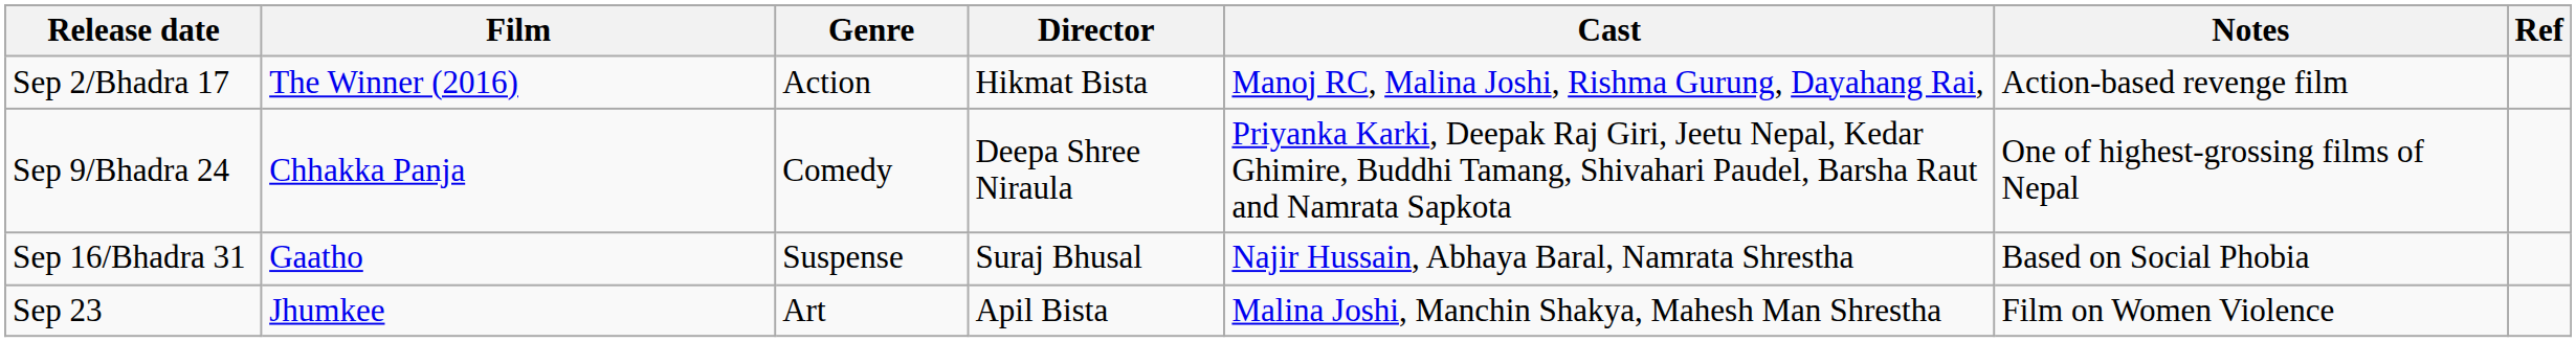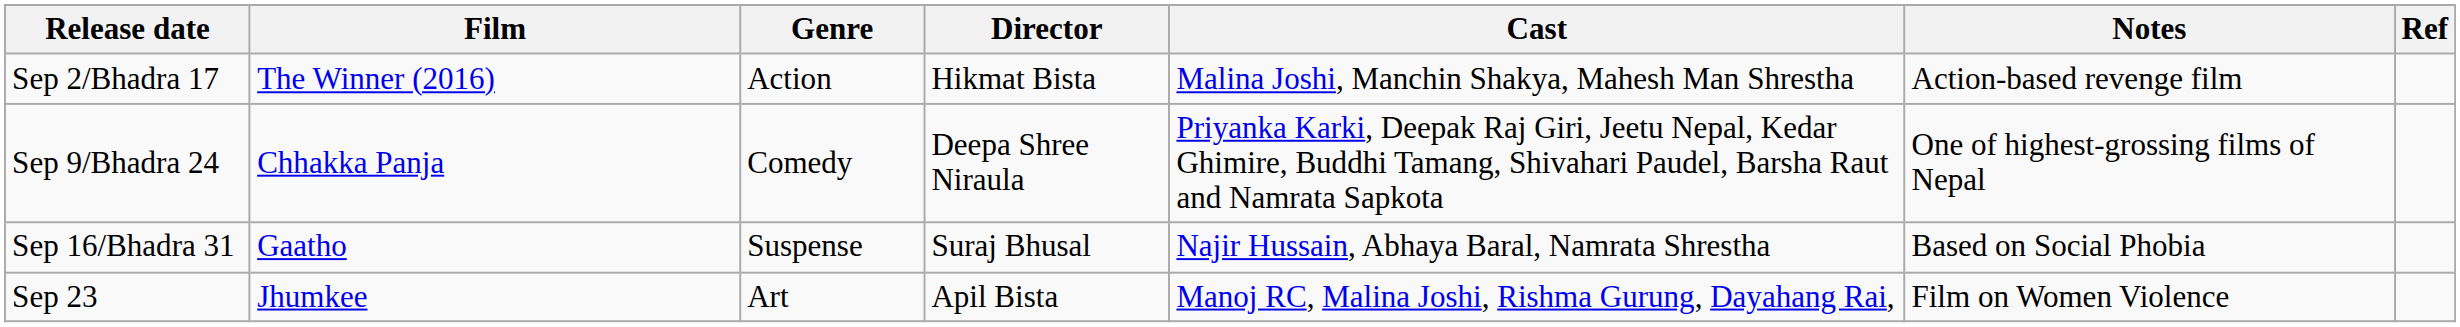 <table class="wikitable sortable" style="width:100%">
 <tr shor>
 </tr>
 <tr>
 <th style="width:10%;">Release date</th>
 <th style="width:20%;">Film</th>
 <th !style="width:10%;">Genre</th>
 <th style="width:10%;">Director</th>
 <th style="width:30%;">Cast</th>
 <th style="width:20%;">Notes</th>
 <th style="width:2%;">Ref</th>
 </tr>
 <tr>
 <td>Sep 2/Bhadra 17</td>
 <td><a href='#'>The Winner (2016)</a></td>
 <td>Action</td>
 <td>Hikmat Bista</td>
-<td><a href='#'>Manoj RC</a>, <a href='#'>Malina Joshi</a>, <a href='#'>Rishma Gurung</a>, <a href='#'>Dayahang Rai</a>,</td>
+<td><a href='#'>Malina Joshi</a>, Manchin Shakya, Mahesh Man Shrestha</td>
 <td>Action-based revenge film</td>
 <td></td>
 </tr>
 <tr>
 <td>Sep 9/Bhadra 24</td>
 <td><a href='#'>Chhakka Panja</a></td>
 <td>Comedy</td>
 <td>Deepa Shree Niraula</td>
 <td><a href='#'>Priyanka Karki</a>, Deepak Raj Giri,  Jeetu Nepal, Kedar Ghimire, Buddhi Tamang, Shivahari Paudel, Barsha Raut and Namrata Sapkota</td>
 <td>One of highest-grossing films of Nepal</td>
 <td></td>
 </tr>
 <tr>
 <td>Sep 16/Bhadra 31</td>
 <td><a href='#'>Gaatho</a></td>
 <td>Suspense</td>
 <td>Suraj Bhusal</td>
 <td><a href='#'>Najir Hussain</a>, Abhaya Baral, Namrata Shrestha</td>
 <td>Based on Social Phobia</td>
 <td></td>
 </tr>
 <tr>
 <td>Sep 23</td>
 <td><a href='#'>Jhumkee</a></td>
 <td>Art</td>
 <td>Apil Bista</td>
-<td><a href='#'>Malina Joshi</a>, Manchin Shakya, Mahesh Man Shrestha</td>
+<td><a href='#'>Manoj RC</a>, <a href='#'>Malina Joshi</a>, <a href='#'>Rishma Gurung</a>, <a href='#'>Dayahang Rai</a>,</td>
 <td>Film on Women Violence</td>
 <td></td>
 </tr>
 </table>
